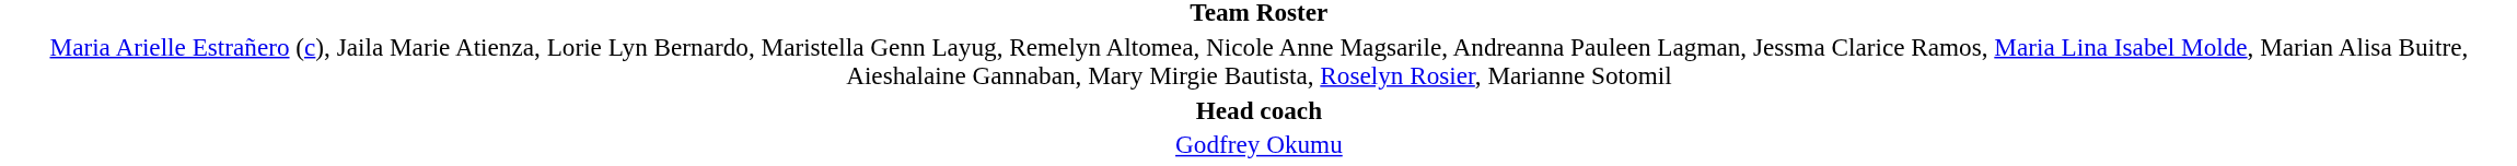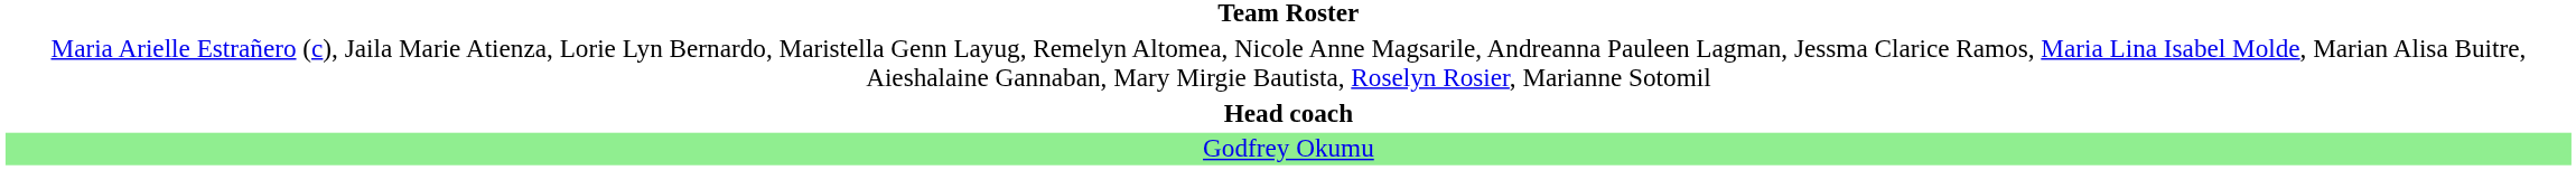 <table style="text-align:center; margin-top:2em; margin-left:auto; margin-right:auto">
 <tr>
 <td><strong>Team Roster</strong></td>
 </tr>
 <tr>
 <td><a href='#'>Maria Arielle Estrañero</a> (<a href='#'>c</a>), Jaila Marie Atienza, Lorie Lyn Bernardo, Maristella Genn Layug, Remelyn Altomea, Nicole Anne Magsarile, Andreanna Pauleen Lagman, Jessma Clarice Ramos, <a href='#'>Maria Lina Isabel Molde</a>, Marian Alisa Buitre, Aieshalaine Gannaban, Mary Mirgie Bautista, <a href='#'>Roselyn Rosier</a>, Marianne Sotomil</td>
 </tr>
 <tr>
 <td><strong>Head coach</strong></td>
 </tr>
 <tr>
-<td> <a href='#'>Godfrey Okumu</a></td>
+<td style="background: lightgreen;"> <a href='#'>Godfrey Okumu</a></td>
 </tr>
 </table>
